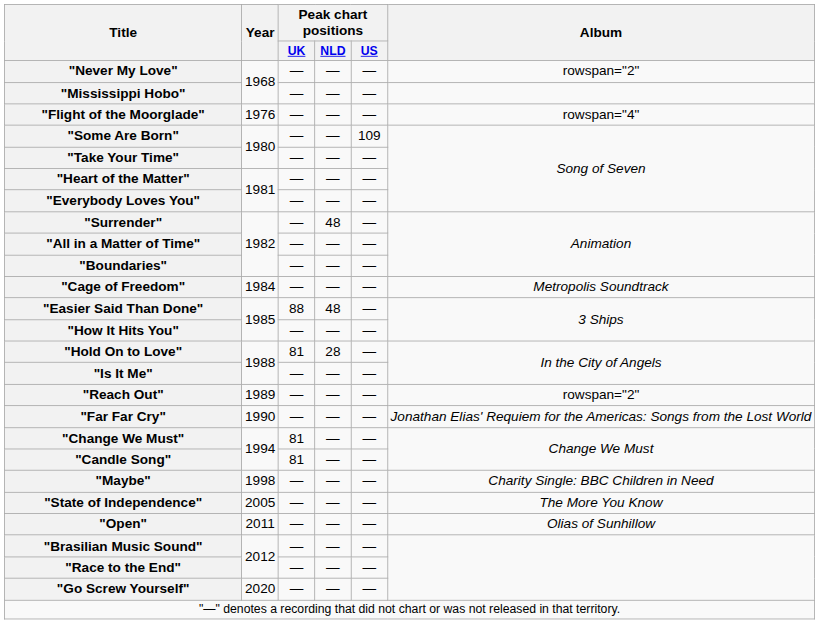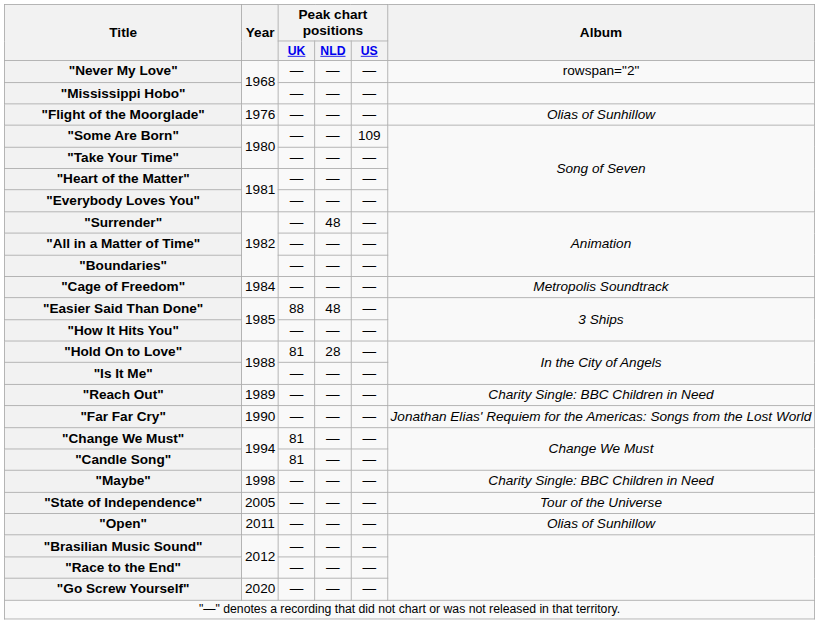 <table class="wikitable plainrowheaders" style="text-align:center;">
 <tr>
 <th scope="col" rowspan="2" style="width:17em;">Title</th>
 <th scope="col" rowspan="2">Year</th>
 <th scope="col" colspan="3">Peak chart positions</th>
 <th scope="col" rowspan="2">Album</th>
 </tr>
 <tr>
 <th scope="col" style="width:2.5em;font-size:90%;"><a href='#'>UK</a><br></th>
 <th scope="col" style="width:2.5em;font-size:90%;"><a href='#'>NLD</a><br></th>
 <th scope="col" style="width:2.5em;font-size:90%;"><a href='#'>US</a><br></th>
 </tr>
 <tr>
 <th scope="row">"Never My Love"</th>
 <td rowspan="2">1968</td>
 <td>—</td>
 <td>—</td>
 <td>—</td>
 <td>rowspan="2" </td>
 </tr>
 <tr>
 <th scope="row">"Mississippi Hobo"</th>
 <td>—</td>
 <td>—</td>
 <td>—</td>
 </tr>
 <tr>
 <th scope="row">"Flight of the Moorglade"</th>
 <td>1976</td>
 <td>—</td>
 <td>—</td>
 <td>—</td>
-<td>rowspan="4" </td>
+<td><em>Olias of Sunhillow</em></td>
 </tr>
 <tr>
 <th scope="row">"Some Are Born"</th>
 <td rowspan="2">1980</td>
 <td>—</td>
 <td>—</td>
 <td>109</td>
 <td rowspan="4"><em>Song of Seven</em></td>
 </tr>
 <tr>
 <th scope="row">"Take Your Time"</th>
 <td>—</td>
 <td>—</td>
 <td>—</td>
 </tr>
 <tr>
 <th scope="row">"Heart of the Matter"</th>
 <td rowspan="2">1981</td>
 <td>—</td>
 <td>—</td>
 <td>—</td>
 </tr>
 <tr>
 <th scope="row">"Everybody Loves You"</th>
 <td>—</td>
 <td>—</td>
 <td>—</td>
 </tr>
 <tr>
 <th scope="row">"Surrender"</th>
 <td rowspan="3">1982</td>
 <td>—</td>
 <td>48</td>
 <td>—</td>
 <td rowspan="3"><em>Animation</em></td>
 </tr>
 <tr>
 <th scope="row">"All in a Matter of Time"</th>
 <td>—</td>
 <td>—</td>
 <td>—</td>
 </tr>
 <tr>
 <th scope="row">"Boundaries"</th>
 <td>—</td>
 <td>—</td>
 <td>—</td>
 </tr>
 <tr>
 <th scope="row">"Cage of Freedom"</th>
 <td>1984</td>
 <td>—</td>
 <td>—</td>
 <td>—</td>
 <td><em>Metropolis Soundtrack</em></td>
 </tr>
 <tr>
 <th scope="row">"Easier Said Than Done"</th>
 <td rowspan="2">1985</td>
 <td>88</td>
 <td>48</td>
 <td>—</td>
 <td rowspan="2"><em>3 Ships</em></td>
 </tr>
 <tr>
 <th scope="row">"How It Hits You"</th>
 <td>—</td>
 <td>—</td>
 <td>—</td>
 </tr>
 <tr>
 <th scope="row">"Hold On to Love"</th>
 <td rowspan="2">1988</td>
 <td>81</td>
 <td>28</td>
 <td>—</td>
 <td rowspan="2"><em>In the City of Angels</em></td>
 </tr>
 <tr>
 <th scope="row">"Is It Me"</th>
 <td>—</td>
 <td>—</td>
 <td>—</td>
 </tr>
 <tr>
 <th scope="row">"Reach Out"</th>
 <td>1989</td>
 <td>—</td>
 <td>—</td>
 <td>—</td>
-<td>rowspan="2" </td>
+<td><em>Charity Single: BBC Children in Need</em></td>
 </tr>
 <tr>
 <th scope="row">"Far Far Cry"</th>
 <td>1990</td>
 <td>—</td>
 <td>—</td>
 <td>—</td>
 <td><em>Jonathan Elias' Requiem for the Americas: Songs from the Lost World</em></td>
 </tr>
 <tr>
 <th scope="row">"Change We Must"</th>
 <td rowspan="2">1994</td>
 <td>81</td>
 <td>—</td>
 <td>—</td>
 <td rowspan="2"><em>Change We Must</em></td>
 </tr>
 <tr>
 <th scope="row">"Candle Song"</th>
 <td>81</td>
 <td>—</td>
 <td>—</td>
 </tr>
 <tr>
 <th scope="row">"Maybe"</th>
 <td>1998</td>
 <td>—</td>
 <td>—</td>
 <td>—</td>
 <td><em>Charity Single: BBC Children in Need</em></td>
 </tr>
 <tr>
 <th scope="row">"State of Independence"</th>
 <td>2005</td>
 <td>—</td>
 <td>—</td>
 <td>—</td>
-<td><em>The More You Know</em></td>
+<td><em>Tour of the Universe</em></td>
 </tr>
 <tr>
 <th scope="row">"Open"</th>
 <td>2011</td>
 <td>—</td>
 <td>—</td>
 <td>—</td>
 <td><em>Olias of Sunhillow</em></td>
 </tr>
 <tr>
 <th scope="row">"Brasilian Music Sound"</th>
 <td rowspan="2">2012</td>
 <td>—</td>
 <td>—</td>
 <td>—</td>
 </tr>
 <tr>
 <th scope="row">"Race to the End"</th>
 <td>—</td>
 <td>—</td>
 <td>—</td>
 </tr>
 <tr>
 <th scope="row">"Go Screw Yourself"</th>
 <td>2020</td>
 <td>—</td>
 <td>—</td>
 <td>—</td>
 </tr>
 <tr>
 <td colspan="14" style="font-size:90%">"—" denotes a recording that did not chart or was not released in that territory.</td>
 </tr>
 </table>
